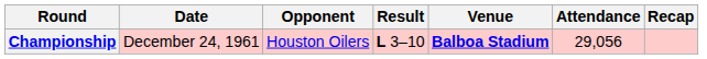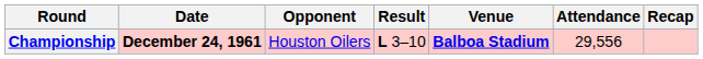 <table class="wikitable" style="text-align:center">
 <tr>
 <th>Round</th>
 <th>Date</th>
 <th>Opponent</th>
 <th>Result</th>
 <th>Venue</th>
 <th>Attendance</th>
 <th>Recap</th>
 </tr>
 <tr style="background:#fcc">
 <th><a href='#'>Championship</a></th>
-<td>December 24, 1961</td>
+<td><strong>December 24, 1961</strong></td>
 <td><a href='#'>Houston Oilers</a></td>
 <td><strong>L</strong> 3–10</td>
 <td><strong><a href='#'>Balboa Stadium</a></strong></td>
-<td>29,056</td>
+<td>29,556</td>
 <td></td>
 </tr>
 </table>
